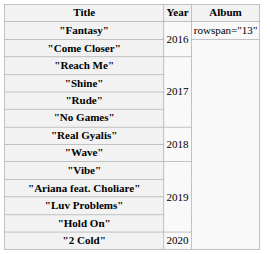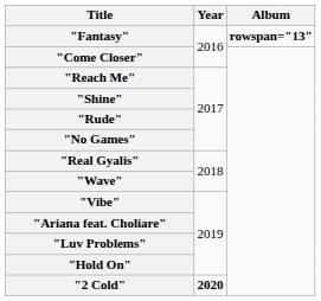 <table class="wikitable plainrowheaders" style="text-align:center;">
 <tr>
 <th scope="col" style="width:14em;">Title</th>
 <th scope="col">Year</th>
 <th scope="col">Album</th>
 </tr>
 <tr>
 <th scope="row">"Fantasy"</th>
 <td rowspan="2">2016</td>
-<td>rowspan="13" </td>
+<td><strong>rowspan="13" </strong></td>
 </tr>
 <tr>
 <th scope="row">"Come Closer"</th>
 </tr>
 <tr>
 <th scope="row">"Reach Me"</th>
 <td rowspan="4">2017</td>
 </tr>
 <tr>
 <th scope="row">"Shine"</th>
 </tr>
 <tr>
 <th scope="row">"Rude"</th>
 </tr>
 <tr>
 <th scope="row">"No Games"</th>
 </tr>
 <tr>
 <th scope="row">"Real Gyalis"</th>
 <td rowspan="2">2018</td>
 </tr>
 <tr>
 <th scope="row">"Wave"</th>
 </tr>
 <tr>
 <th scope="row">"Vibe"</th>
 <td rowspan="4">2019</td>
 </tr>
 <tr>
 <th scope="row">"Ariana feat. Choliare"</th>
 </tr>
 <tr>
 <th scope="row">"Luv Problems"</th>
 </tr>
 <tr>
 <th scope="row">"Hold On"</th>
 </tr>
 <tr>
 <th scope="row">"2 Cold"</th>
-<td rowspan="1">2020</td>
+<td rowspan="1"><strong>2020</strong></td>
 </tr>
 </table>
